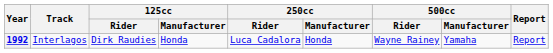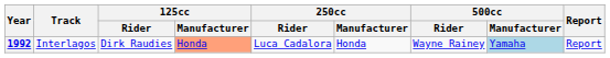 <table class="wikitable" style="font-size: 95%;">
 <tr>
 <th rowspan=2>Year</th>
 <th rowspan=2>Track</th>
 <th colspan=2>125cc</th>
 <th colspan=2>250cc</th>
 <th colspan=2>500cc</th>
 <th rowspan=2>Report</th>
 </tr>
 <tr>
 <th>Rider</th>
 <th>Manufacturer</th>
 <th>Rider</th>
 <th>Manufacturer</th>
 <th>Rider</th>
 <th>Manufacturer</th>
 </tr>
 <tr>
 <th><a href='#'>1992</a></th>
 <td><a href='#'>Interlagos</a></td>
 <td> <a href='#'>Dirk Raudies</a></td>
-<td><a href='#'>Honda</a></td>
+<td style="background: lightsalmon;"><a href='#'>Honda</a></td>
 <td> <a href='#'>Luca Cadalora</a></td>
 <td><a href='#'>Honda</a></td>
 <td> <a href='#'>Wayne Rainey</a></td>
-<td><a href='#'>Yamaha</a></td>
+<td style="background: lightblue;"><a href='#'>Yamaha</a></td>
 <td><a href='#'>Report</a></td>
 </tr>
 </table>
